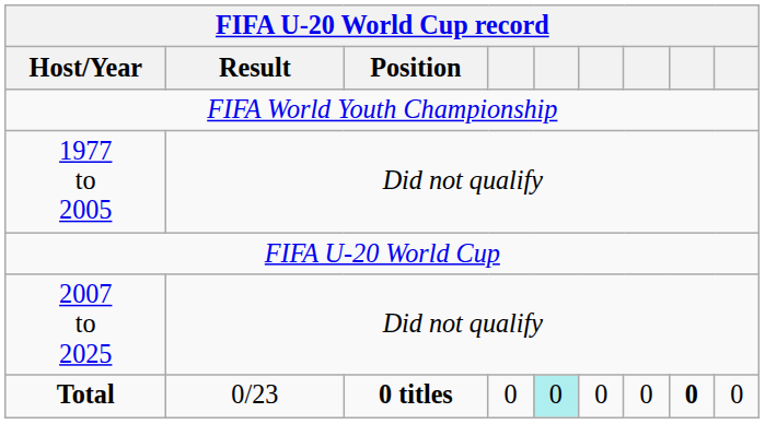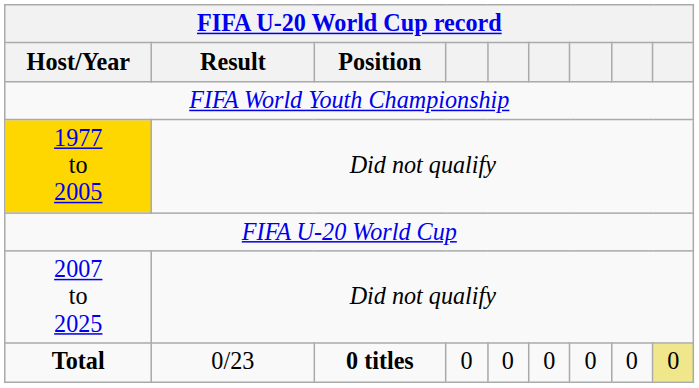 <table class="wikitable collapsible  collapsed" style="text-align: center;">
 <tr>
 <th colspan=9 style="color: #0000FF;"><a href='#'>FIFA U-20 World Cup record</a></th>
 </tr>
 <tr>
 <th width="90">Host/Year</th>
 <th width="100">Result</th>
 <th width="80">Position</th>
 <th width="20"></th>
 <th width="20"></th>
 <th width="20"></th>
 <th width="20"></th>
 <th width="20"></th>
 <th width="20"></th>
 </tr>
 <tr>
 <td colspan=9><em> <a href='#'>FIFA World Youth Championship</a></em></td>
 </tr>
 <tr>
-<td> <a href='#'>1977</a><br>to<br> <a href='#'>2005</a></td>
+<td style="background: gold;"> <a href='#'>1977</a><br>to<br> <a href='#'>2005</a></td>
 <td colspan=8><em>Did not qualify</em></td>
 </tr>
 <tr>
 <td colspan=9><em> <a href='#'>FIFA U-20 World Cup</a></em></td>
 </tr>
 <tr>
 <td> <a href='#'>2007</a><br>to<br> <a href='#'>2025</a></td>
 <td colspan=8><em>Did not qualify</em></td>
 </tr>
 <tr>
 <td><strong>Total</strong></td>
 <td>0/23</td>
 <td><strong>0 titles</strong></td>
 <td>0</td>
-<td style="background: paleturquoise;">0</td>
 <td>0</td>
 <td>0</td>
-<td><strong>0</strong></td>
 <td>0</td>
+<td>0</td>
+<td style="background: khaki;">0</td>
 </tr>
 </table>
